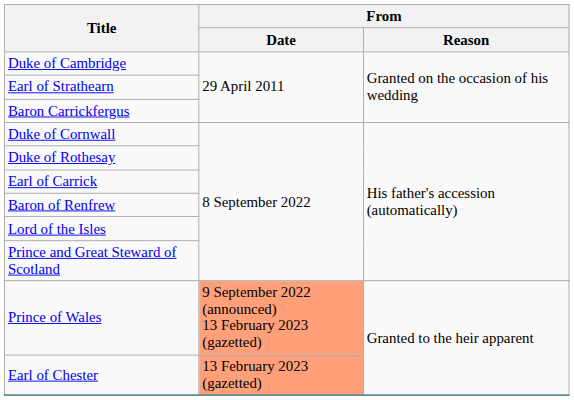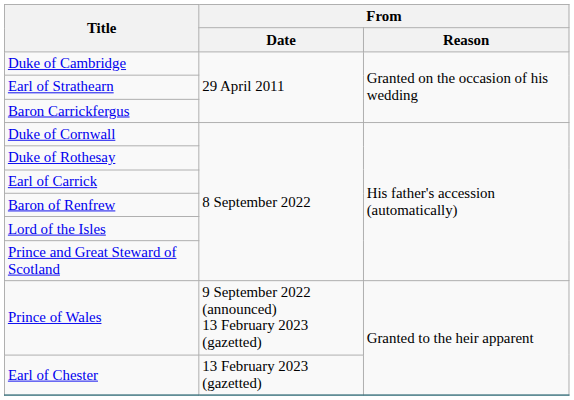 <table class="wikitable sortable" style="margin:0.5em 1em 0.5em 0; border:1px #005566 solid; border-collapse:collapse;">
 <tr>
 <th rowspan=2>Title</th>
 <th colspan=2>From</th>
 </tr>
 <tr>
 <th>Date</th>
 <th>Reason</th>
 </tr>
 <tr>
 <td><a href='#'>Duke of Cambridge</a></td>
 <td rowspan=3>29 April 2011</td>
 <td rowspan=3>Granted on the occasion of his wedding</td>
 </tr>
 <tr>
 <td><a href='#'>Earl of Strathearn</a></td>
 </tr>
 <tr>
 <td><a href='#'>Baron Carrickfergus</a></td>
 </tr>
 <tr>
 <td><a href='#'>Duke of Cornwall</a></td>
 <td rowspan=6>8 September 2022</td>
 <td rowspan=6>His father's accession (automatically)</td>
 </tr>
 <tr>
 <td><a href='#'>Duke of Rothesay</a></td>
 </tr>
 <tr>
 <td><a href='#'>Earl of Carrick</a></td>
 </tr>
 <tr>
 <td><a href='#'>Baron of Renfrew</a></td>
 </tr>
 <tr>
 <td><a href='#'>Lord of the Isles</a></td>
 </tr>
 <tr>
 <td><a href='#'>Prince and Great Steward of Scotland</a></td>
 </tr>
 <tr>
 <td><a href='#'>Prince of Wales</a></td>
-<td style="background: lightsalmon;">9 September 2022 (announced)<br>13 February 2023 (gazetted)</td>
+<td>9 September 2022 (announced)<br>13 February 2023 (gazetted)</td>
 <td rowspan=2>Granted to the heir apparent</td>
 </tr>
 <tr>
 <td><a href='#'>Earl of Chester</a></td>
-<td style="background: lightsalmon;">13 February 2023 (gazetted)</td>
+<td>13 February 2023 (gazetted)</td>
 </tr>
 <tr>
 </tr>
 </table>
